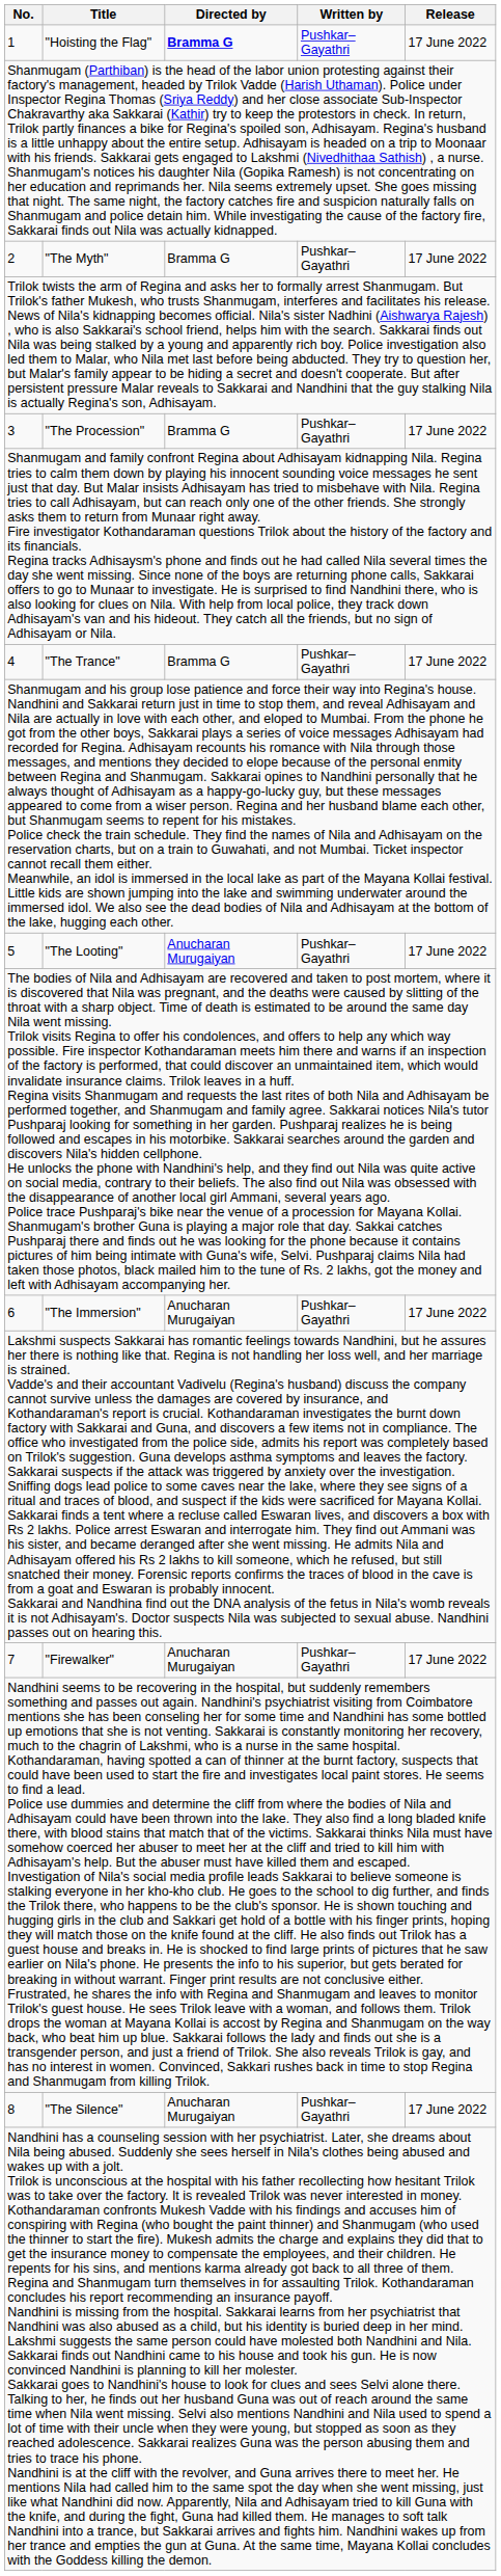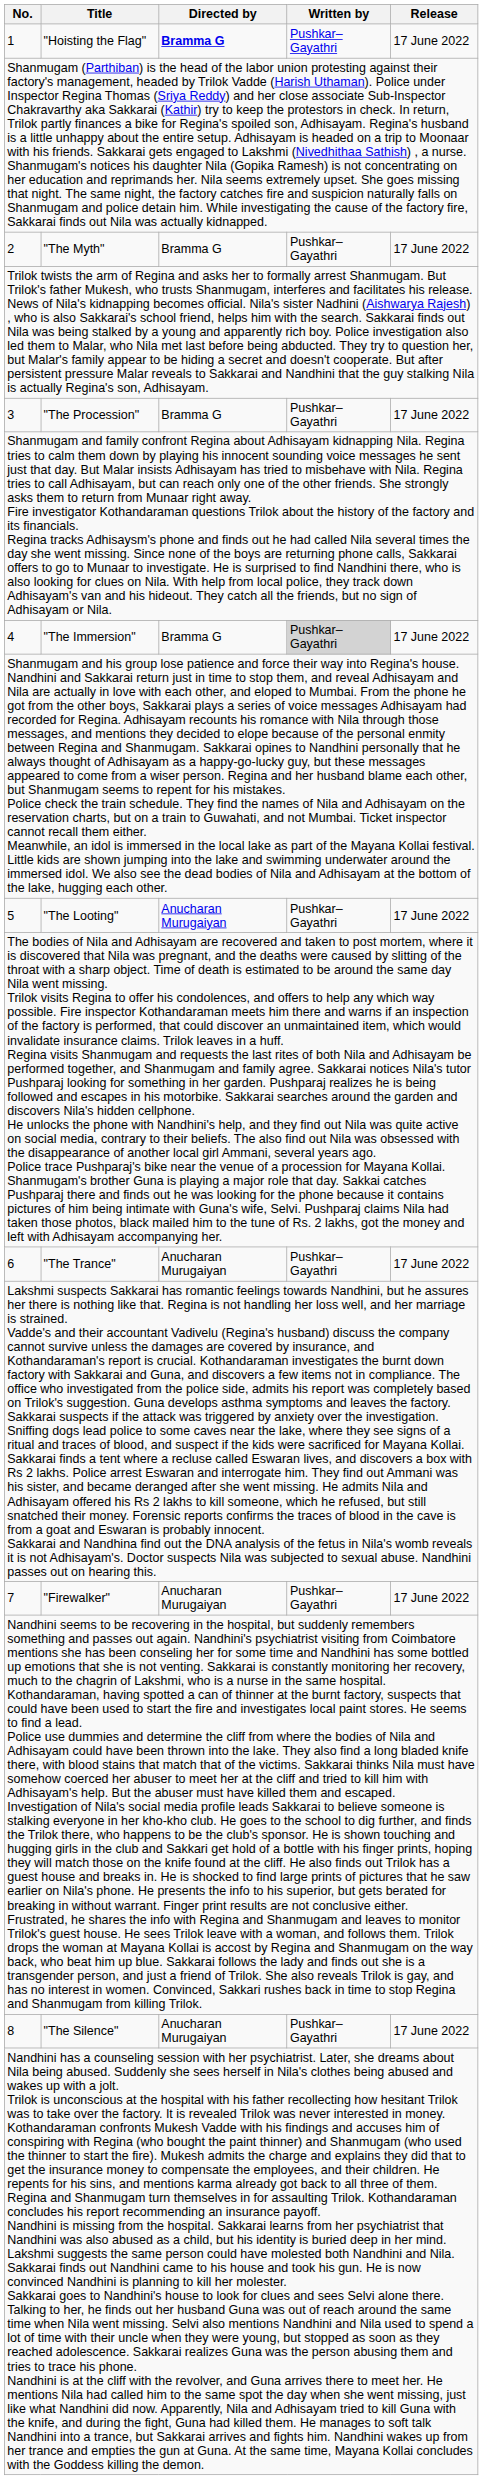 <table class="wikitable">
 <tr>
 <th>No.</th>
 <th>Title</th>
 <th>Directed by</th>
 <th>Written by</th>
 <th>Release</th>
 </tr>
 <tr>
 <td>1</td>
 <td>"Hoisting the Flag"</td>
 <td><strong><a href='#'>Bramma G</a></strong></td>
 <td><a href='#'>Pushkar–Gayathri</a></td>
 <td>17 June 2022</td>
 </tr>
 <tr>
 <td colspan="5">Shanmugam (<a href='#'>Parthiban</a>) is the head of the labor union protesting against their factory's management, headed by Trilok Vadde (<a href='#'>Harish Uthaman</a>). Police under Inspector Regina Thomas (<a href='#'>Sriya Reddy</a>) and her close associate Sub-Inspector Chakravarthy aka Sakkarai (<a href='#'>Kathir</a>) try to keep the protestors in check. In return, Trilok partly finances a bike for Regina's spoiled son, Adhisayam. Regina's husband is a little unhappy about the entire setup. Adhisayam is headed on a trip to Moonaar with his friends. Sakkarai gets engaged to Lakshmi (<a href='#'>Nivedhithaa Sathish</a>) , a nurse.<br>Shanmugam's notices his daughter Nila (Gopika Ramesh) is not concentrating on her education and reprimands her. Nila seems extremely upset. She goes missing that night. The same night, the factory catches fire and suspicion naturally falls on Shanmugam and police detain him. While investigating the cause of the factory fire, Sakkarai finds out Nila was actually kidnapped.</td>
 </tr>
 <tr>
 <td>2</td>
 <td>"The Myth"</td>
 <td>Bramma G</td>
 <td>Pushkar–Gayathri</td>
 <td>17 June 2022</td>
 </tr>
 <tr>
 <td colspan="5">Trilok twists the arm of Regina and asks her to formally arrest Shanmugam. But Trilok's father Mukesh, who trusts Shanmugam, interferes and facilitates his release.<br>News of Nila's kidnapping becomes official. Nila's sister Nadhini (<a href='#'>Aishwarya Rajesh</a>) , who is also Sakkarai's school friend, helps him with the search. Sakkarai finds out Nila was being stalked by a young and apparently rich boy. Police investigation also led them to Malar, who Nila met last before being abducted. They try to question her, but Malar's family appear to be hiding a secret and doesn't cooperate. But after persistent pressure Malar reveals to Sakkarai and Nandhini that the guy stalking Nila is actually Regina's son, Adhisayam.</td>
 </tr>
 <tr>
 <td>3</td>
 <td>"The Procession"</td>
 <td>Bramma G</td>
 <td>Pushkar–Gayathri</td>
 <td>17 June 2022</td>
 </tr>
 <tr>
 <td colspan="5">Shanmugam and family confront Regina about Adhisayam kidnapping Nila. Regina tries to calm them down by playing his innocent sounding voice messages he sent just that day. But Malar insists Adhisayam has tried to misbehave with Nila. Regina tries to call Adhisayam, but can reach only one of the other friends. She strongly asks them to return from Munaar right away.<br>Fire investigator Kothandaraman questions Trilok about the history of the factory and its financials.<br>Regina tracks Adhisaysm's phone and finds out he had called Nila several times the day she went missing. Since none of the boys are returning phone calls, Sakkarai offers to go to Munaar to investigate. He is surprised to find Nandhini there, who is also looking for clues on Nila. With help from local police, they track down Adhisayam's van and his hideout. They catch all the friends, but no sign of Adhisayam or Nila.</td>
 </tr>
 <tr>
 <td>4</td>
-<td>"The Trance"</td>
+<td>"The Immersion"</td>
 <td>Bramma G</td>
-<td>Pushkar–Gayathri</td>
+<td style="background: lightgrey;">Pushkar–Gayathri</td>
 <td>17 June 2022</td>
 </tr>
 <tr>
 <td colspan="5">Shanmugam and his group lose patience and force their way into Regina's house. Nandhini and Sakkarai return just in time to stop them, and reveal Adhisayam and Nila are actually in love with each other, and eloped to Mumbai. From the phone he got from the other boys, Sakkarai plays a series of voice messages Adhisayam had recorded for Regina. Adhisayam recounts his romance with Nila through those messages, and mentions they decided to elope because of the personal enmity between Regina and Shanmugam. Sakkarai opines to Nandhini personally that he always thought of Adhisayam as a happy-go-lucky guy, but these messages appeared to come from a wiser person. Regina and her husband blame each other, but Shanmugam seems to repent for his mistakes.<br>Police check the train schedule. They find the names of Nila and Adhisayam on the reservation charts, but on a train to Guwahati, and not Mumbai. Ticket inspector cannot recall them either.<br>Meanwhile, an idol is immersed in the local lake as part of the Mayana Kollai festival. Little kids are shown jumping into the lake and swimming underwater around the immersed idol. We also see the dead bodies of Nila and Adhisayam at the bottom of the lake, hugging each other.</td>
 </tr>
 <tr>
 <td>5</td>
 <td>"The Looting"</td>
 <td><a href='#'>Anucharan Murugaiyan</a></td>
 <td>Pushkar–Gayathri</td>
 <td>17 June 2022</td>
 </tr>
 <tr>
 <td colspan="5">The bodies of Nila and Adhisayam are recovered and taken to post mortem, where it is discovered that Nila was pregnant, and the deaths were caused by slitting of the throat with a sharp object. Time of death is estimated to be around the same day Nila went missing.<br>Trilok visits Regina to offer his condolences, and offers to help any which way possible. Fire inspector Kothandaraman meets him there and warns if an inspection of the factory is performed, that could discover an unmaintained item, which would invalidate insurance claims. Trilok leaves in a huff.<br>Regina visits Shanmugam and requests the last rites of both Nila and Adhisayam be performed together, and Shanmugam and family agree. Sakkarai notices Nila's tutor Pushparaj looking for something in her garden. Pushparaj realizes he is being followed and escapes in his motorbike. Sakkarai searches around the garden and discovers Nila's hidden cellphone.<br>He unlocks the phone with Nandhini's help, and they find out Nila was quite active on social media, contrary to their beliefs. The also find out Nila was obsessed with the disappearance of another local girl Ammani, several years ago.<br>Police trace Pushparaj's bike near the venue of a procession for Mayana Kollai. Shanmugam's brother Guna is playing a major role that day. Sakkai catches Pushparaj there and finds out he was looking for the phone because it contains pictures of him being intimate with Guna's wife, Selvi. Pushparaj claims Nila had taken those photos, black mailed him to the tune of Rs. 2 lakhs, got the money and left with Adhisayam accompanying her.</td>
 </tr>
 <tr>
 <td>6</td>
-<td>"The Immersion"</td>
+<td>"The Trance"</td>
 <td>Anucharan Murugaiyan</td>
 <td>Pushkar–Gayathri</td>
 <td>17 June 2022</td>
 </tr>
 <tr>
 <td colspan="5">Lakshmi suspects Sakkarai has romantic feelings towards Nandhini, but he assures her there is nothing like that. Regina is not handling her loss well, and her marriage is strained.<br>Vadde's and their accountant Vadivelu (Regina's husband) discuss the company cannot survive unless the damages are covered by insurance, and Kothandaraman's report is crucial. Kothandaraman investigates the burnt down factory with Sakkarai and Guna, and discovers a few items not in compliance. The office who investigated from the police side, admits his report was completely based on Trilok's suggestion. Guna develops asthma symptoms and leaves the factory. Sakkarai suspects if the attack was triggered by anxiety over the investigation.<br>Sniffing dogs lead police to some caves near the lake, where they see signs of a ritual and traces of blood, and suspect if the kids were sacrificed for Mayana Kollai. Sakkarai finds a tent where a recluse called Eswaran lives, and discovers a box with Rs 2 lakhs. Police arrest Eswaran and interrogate him. They find out Ammani was his sister, and became deranged after she went missing. He admits Nila and Adhisayam offered his Rs 2 lakhs to kill someone, which he refused, but still snatched their money. Forensic reports confirms the traces of blood in the cave is from a goat and Eswaran is probably innocent.<br>Sakkarai and Nandhina find out the DNA analysis of the fetus in Nila's womb reveals it is not Adhisayam's. Doctor suspects Nila was subjected to sexual abuse. Nandhini passes out on hearing this.</td>
 </tr>
 <tr>
 <td>7</td>
 <td>"Firewalker"</td>
 <td>Anucharan Murugaiyan</td>
 <td>Pushkar–Gayathri</td>
 <td>17 June 2022</td>
 </tr>
 <tr>
 <td colspan="5">Nandhini seems to be recovering in the hospital, but suddenly remembers something and passes out again. Nandhini's psychiatrist visiting from Coimbatore mentions she has been conseling her for some time and Nandhini has some bottled up emotions that she is not venting. Sakkarai is constantly monitoring her recovery, much to the chagrin of Lakshmi, who is a nurse in the same hospital.<br>Kothandaraman, having spotted a can of thinner at the burnt factory, suspects that could have been used to start the fire and investigates local paint stores. He seems to find a lead.<br>Police use dummies and determine the cliff from where the bodies of Nila and Adhisayam could have been thrown into the lake. They also find a long bladed knife there, with blood stains that match that of the victims. Sakkarai thinks Nila must have somehow coerced her abuser to meet her at the cliff and tried to kill him with Adhisayam's help. But the abuser must have killed them and escaped.<br>Investigation of Nila's social media profile leads Sakkarai to believe someone is stalking everyone in her kho-kho club. He goes to the school to dig further, and finds the Trilok there, who happens to be the club's sponsor. He is shown touching and hugging girls in the club and Sakkari get hold of a bottle with his finger prints, hoping they will match those on the knife found at the cliff. He also finds out Trilok has a guest house and breaks in. He is shocked to find large prints of pictures that he saw earlier on Nila's phone. He presents the info to his superior, but gets berated for breaking in without warrant. Finger print results are not conclusive either.<br>Frustrated, he shares the info with Regina and Shanmugam and leaves to monitor Trilok's guest house. He sees Trilok leave with a woman, and follows them. Trilok drops the woman at Mayana Kollai is accost by Regina and Shanmugam on the way back, who beat him up blue. Sakkarai follows the lady and finds out she is a transgender person, and just a friend of Trilok. She also reveals Trilok is gay, and has no interest in women. Convinced, Sakkari rushes back in time to stop Regina and Shanmugam from killing Trilok.</td>
 </tr>
 <tr>
 <td>8</td>
 <td>"The Silence"</td>
 <td>Anucharan Murugaiyan</td>
 <td>Pushkar–Gayathri</td>
 <td>17 June 2022</td>
 </tr>
 <tr>
 <td colspan="5">Nandhini has a counseling session with her psychiatrist. Later, she dreams about Nila being abused. Suddenly she sees herself in Nila's clothes being abused and wakes up with a jolt.<br>Trilok is unconscious at the hospital with his father recollecting how hesitant Trilok was to take over the factory. It is revealed Trilok was never interested in money. Kothandaraman confronts Mukesh Vadde with his findings and accuses him of conspiring with Regina (who bought the paint thinner) and Shanmugam (who used the thinner to start the fire). Mukesh admits the charge and explains they did that to get the insurance money to compensate the employees, and their children. He repents for his sins, and mentions karma already got back to all three of them. Regina and Shanmugam turn themselves in for assaulting Trilok. Kothandaraman concludes his report recommending an insurance payoff.<br>Nandhini is missing from the hospital. Sakkarai learns from her psychiatrist that Nandhini was also abused as a child, but his identity is buried deep in her mind. Lakshmi suggests the same person could have molested both Nandhini and Nila. Sakkarai finds out Nandhini came to his house and took his gun. He is now convinced Nandhini is planning to kill her molester.<br>Sakkarai goes to Nandhini's house to look for clues and sees Selvi alone there. Talking to her, he finds out her husband Guna was out of reach around the same time when Nila went missing. Selvi also mentions Nandhini and Nila used to spend a lot of time with their uncle when they were young, but stopped as soon as they reached adolescence. Sakkarai realizes Guna was the person abusing them and tries to trace his phone.<br>Nandhini is at the cliff with the revolver, and Guna arrives there to meet her. He mentions Nila had called him to the same spot the day when she went missing, just like what Nandhini did now. Apparently, Nila and Adhisayam tried to kill Guna with the knife, and during the fight, Guna had killed them. He manages to soft talk Nandhini into a trance, but Sakkarai arrives and fights him. Nandhini wakes up from her trance and empties the gun at Guna. At the same time, Mayana Kollai concludes with the Goddess killing the demon.</td>
 </tr>
 </table>
